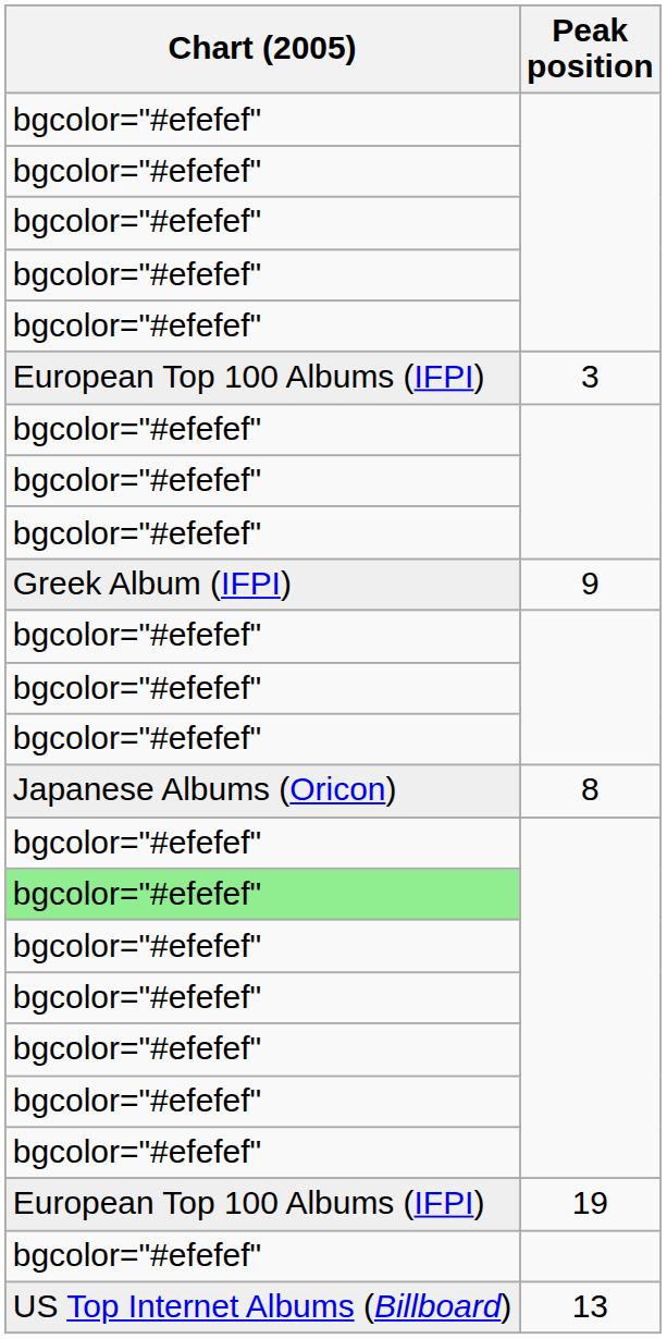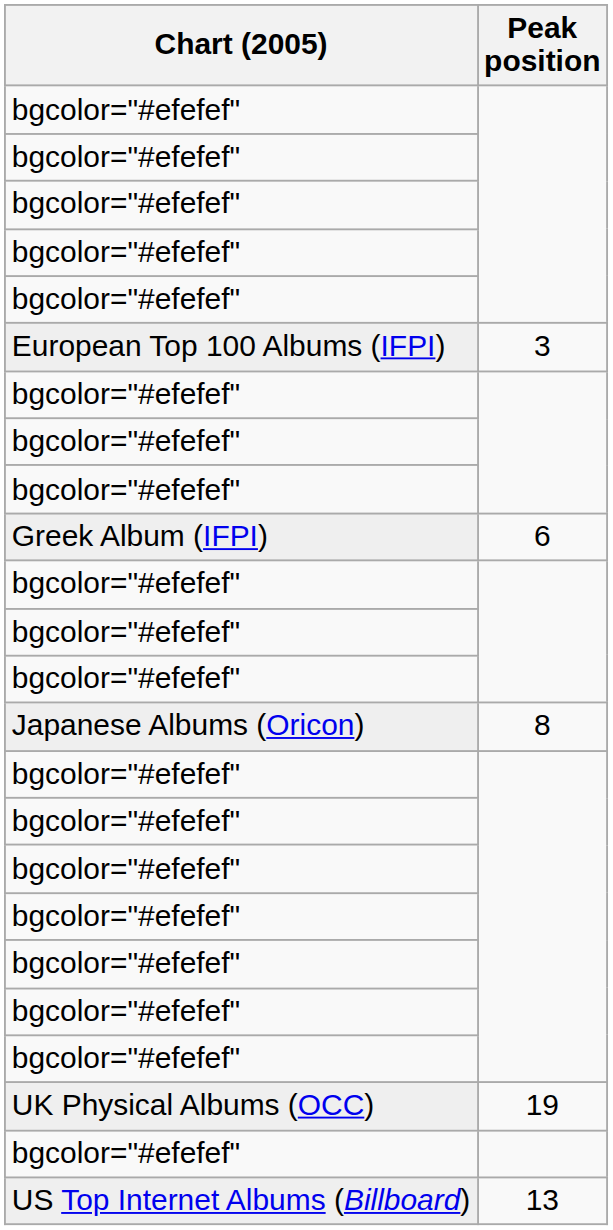 <table class="wikitable sortable plainrowheaders">
 <tr>
 <th>Chart (2005)</th>
 <th>Peak<br>position</th>
 </tr>
 <tr>
 <td>bgcolor="#efefef" </td>
 </tr>
 <tr>
 <td>bgcolor="#efefef" </td>
 </tr>
 <tr>
 <td>bgcolor="#efefef" </td>
 </tr>
 <tr>
 <td>bgcolor="#efefef" </td>
 </tr>
 <tr>
 <td>bgcolor="#efefef" </td>
 </tr>
 <tr>
 <td bgcolor="#efefef">European Top 100 Albums (<a href='#'>IFPI</a>)</td>
 <td align="center">3</td>
 </tr>
 <tr>
 <td>bgcolor="#efefef" </td>
 </tr>
 <tr>
 <td>bgcolor="#efefef" </td>
 </tr>
 <tr>
 <td>bgcolor="#efefef" </td>
 </tr>
 <tr>
 <td bgcolor="#efefef">Greek Album (<a href='#'>IFPI</a>)</td>
-<td align="center">9</td>
+<td align="center">6</td>
 </tr>
 <tr>
 <td>bgcolor="#efefef" </td>
 </tr>
 <tr>
 <td>bgcolor="#efefef" </td>
 </tr>
 <tr>
 <td>bgcolor="#efefef" </td>
 </tr>
 <tr>
 <td bgcolor="#efefef">Japanese Albums (<a href='#'>Oricon</a>)</td>
 <td align="center">8</td>
 </tr>
 <tr>
 <td>bgcolor="#efefef" </td>
 </tr>
 <tr>
-<td style="background: lightgreen;">bgcolor="#efefef" </td>
+<td>bgcolor="#efefef" </td>
 </tr>
 <tr>
 <td>bgcolor="#efefef" </td>
 </tr>
 <tr>
 <td>bgcolor="#efefef" </td>
 </tr>
 <tr>
 <td>bgcolor="#efefef" </td>
 </tr>
 <tr>
 <td>bgcolor="#efefef" </td>
 </tr>
 <tr>
 <td>bgcolor="#efefef" </td>
 </tr>
 <tr>
-<td bgcolor="#efefef">European Top 100 Albums (<a href='#'>IFPI</a>)</td>
+<td bgcolor="#efefef">UK Physical Albums (<a href='#'>OCC</a>)</td>
 <td align="center">19</td>
 </tr>
 <tr>
 <td>bgcolor="#efefef" </td>
 </tr>
 <tr>
 <td bgcolor="#efefef">US <a href='#'>Top Internet Albums</a> (<a href='#'><em>Billboard</em></a>)</td>
 <td align="center">13</td>
 </tr>
 </table>
